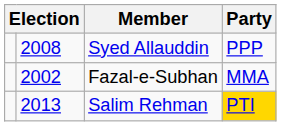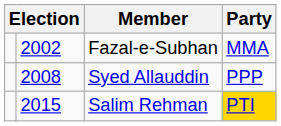 <table class="wikitable">
 <tr>
 <th colspan="2">Election</th>
 <th>Member</th>
 <th>Party</th>
+</tr>
+<tr>
+<td style="background-color: "></td>
+<td><a href='#'>2002</a></td>
+<td>Fazal-e-Subhan</td>
+<td><a href='#'>MMA</a></td>
 </tr>
 <tr>
 <td style="background-color: "></td>
 <td><a href='#'>2008</a></td>
 <td><a href='#'>Syed Allauddin</a></td>
 <td><a href='#'>PPP</a></td>
 </tr>
 <tr>
 <td style="background-color: "></td>
-<td><a href='#'>2002</a></td>
-<td>Fazal-e-Subhan</td>
-<td><a href='#'>MMA</a></td>
-</tr>
-<tr>
-<td style="background-color: "></td>
-<td><a href='#'>2013</a></td>
+<td><a href='#'>2015</a></td>
 <td><a href='#'>Salim Rehman</a></td>
 <td style="background: gold;"><a href='#'>PTI</a></td>
 </tr>
 </table>
